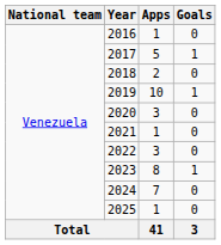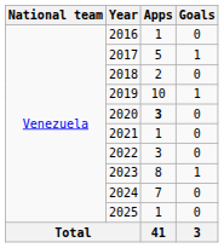 <table class="wikitable" style="text-align:center">
 <tr>
 <th>National team</th>
 <th>Year</th>
 <th>Apps</th>
 <th>Goals</th>
 </tr>
 <tr>
 <td rowspan="10"><a href='#'>Venezuela</a></td>
 <td>2016</td>
 <td>1</td>
 <td>0</td>
 </tr>
 <tr>
 <td>2017</td>
 <td>5</td>
 <td>1</td>
 </tr>
 <tr>
 <td>2018</td>
 <td>2</td>
 <td>0</td>
 </tr>
 <tr>
 <td>2019</td>
 <td>10</td>
 <td>1</td>
 </tr>
 <tr>
 <td>2020</td>
-<td>3</td>
+<td><strong>3</strong></td>
 <td>0</td>
 </tr>
 <tr>
 <td>2021</td>
 <td>1</td>
 <td>0</td>
 </tr>
 <tr>
 <td>2022</td>
 <td>3</td>
 <td>0</td>
 </tr>
 <tr>
 <td>2023</td>
 <td>8</td>
 <td>1</td>
 </tr>
 <tr>
 <td>2024</td>
 <td>7</td>
 <td>0</td>
 </tr>
 <tr>
 <td>2025</td>
 <td>1</td>
 <td>0</td>
 </tr>
 <tr>
 <th colspan="2">Total</th>
 <th>41</th>
 <th>3</th>
 </tr>
 </table>
